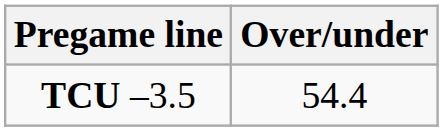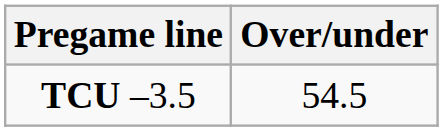 <table class="wikitable" style="margin-left: auto; margin-right: auto; border: none; display: inline-table;">
 <tr align="center">
 <th style=>Pregame line</th>
 <th style=>Over/under</th>
 </tr>
 <tr align="center">
 <td><strong>TCU</strong> –3.5</td>
-<td>54.4</td>
+<td>54.5</td>
 </tr>
 </table>
